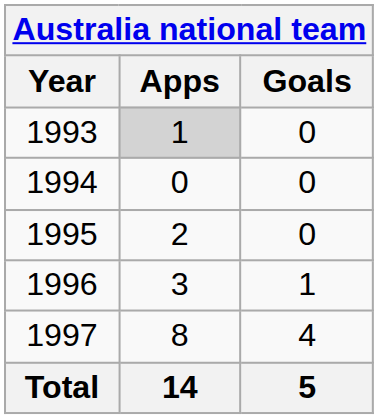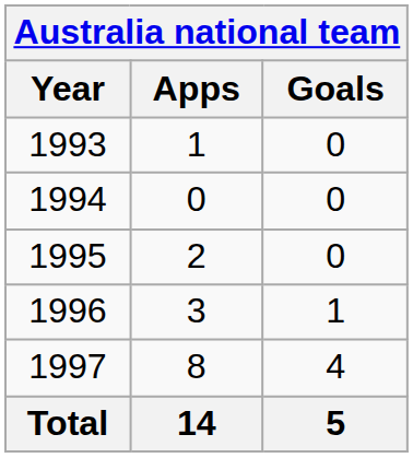 <table class="wikitable" style="text-align:center">
 <tr>
 <th colspan=3><a href='#'>Australia national team</a></th>
 </tr>
 <tr>
 <th>Year</th>
 <th>Apps</th>
 <th>Goals</th>
 </tr>
 <tr>
 <td>1993</td>
-<td style="background: lightgrey;">1</td>
+<td>1</td>
 <td>0</td>
 </tr>
 <tr>
 <td>1994</td>
 <td>0</td>
 <td>0</td>
 </tr>
 <tr>
 <td>1995</td>
 <td>2</td>
 <td>0</td>
 </tr>
 <tr>
 <td>1996</td>
 <td>3</td>
 <td>1</td>
 </tr>
 <tr>
 <td>1997</td>
 <td>8</td>
 <td>4</td>
 </tr>
 <tr>
 <th>Total</th>
 <th>14</th>
 <th>5</th>
 </tr>
 </table>
